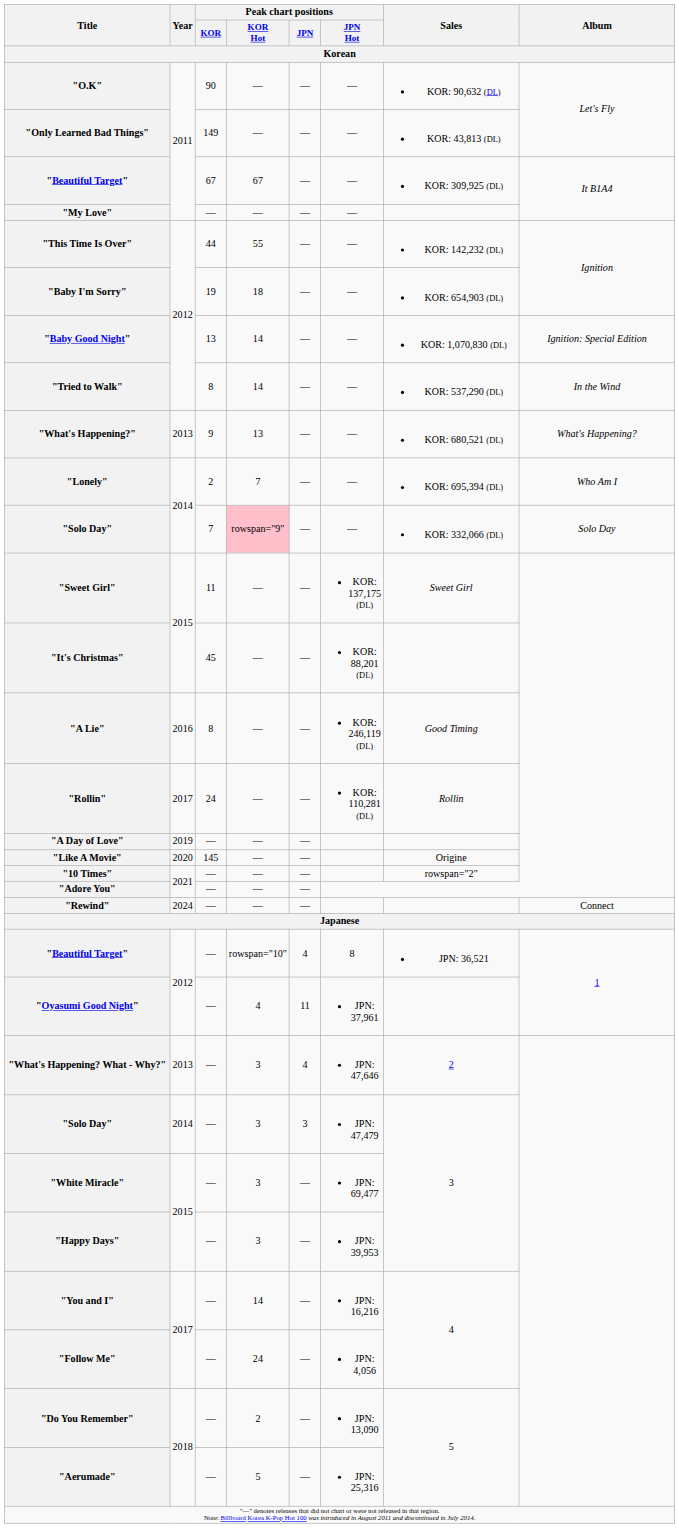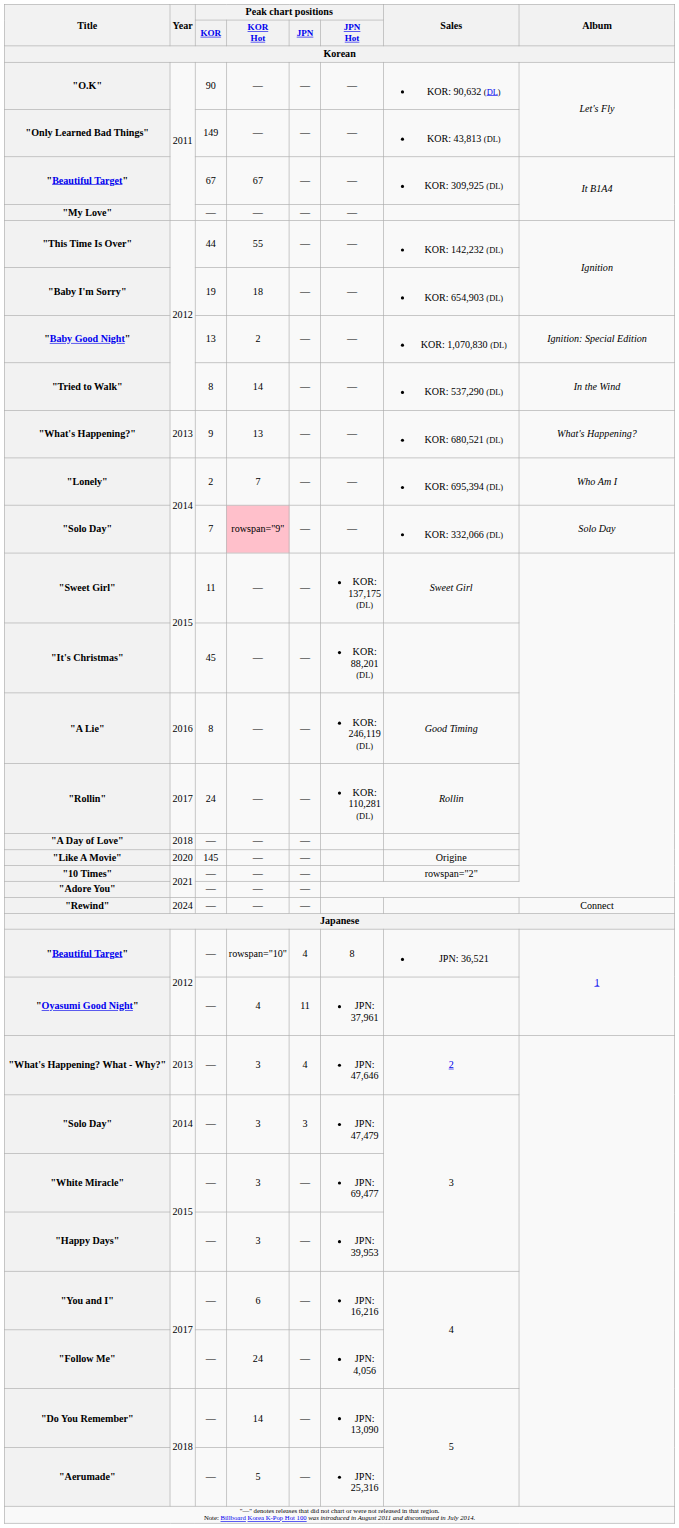 <table class="wikitable plainrowheaders" style="text-align:center;">
 <tr>
 <th scope="col" rowspan="2" style="width:16em;">Title</th>
 <th scope="col" rowspan="2">Year</th>
 <th scope="col" colspan="4">Peak chart positions</th>
 <th scope="col" rowspan="2" style="width:13em;">Sales<br></th>
 <th scope="col" rowspan="2" style="width:15em;">Album</th>
 </tr>
 <tr>
 <th scope="col" style="width:3em;font-size:90%"><a href='#'>KOR</a><br></th>
 <th scope="col" style="width:3em;font-size:90%"><a href='#'>KOR<br>Hot</a><br></th>
 <th scope="col" style="width:3em;font-size:90%"><a href='#'>JPN</a></th>
 <th scope="col" style="width:3em;font-size:90%"><a href='#'>JPN<br>Hot</a><br></th>
 </tr>
 <tr>
 <th colspan="8">Korean</th>
 </tr>
 <tr>
 <th scope="row">"O.K"</th>
 <td rowspan="4">2011</td>
 <td>90</td>
 <td>—</td>
 <td>—</td>
 <td>—</td>
 <td><br><ul><li>KOR: 90,632 <small>(<a href='#'>DL</a>)</small></li></ul></td>
 <td rowspan="2"><em>Let's Fly</em></td>
 </tr>
 <tr>
 <th scope="row">"Only Learned Bad Things" </th>
 <td>149</td>
 <td>—</td>
 <td>—</td>
 <td>—</td>
 <td><br><ul><li>KOR: 43,813 <small>(DL)</small></li></ul></td>
 </tr>
 <tr>
 <th scope="row">"<a href='#'>Beautiful Target</a>"</th>
 <td>67</td>
 <td>67</td>
 <td>—</td>
 <td>—</td>
 <td><br><ul><li>KOR: 309,925 <small>(DL)</small></li></ul></td>
 <td rowspan="2"><em>It B1A4</em></td>
 </tr>
 <tr>
 <th scope="row">"My Love"</th>
 <td>—</td>
 <td>—</td>
 <td>—</td>
 <td>—</td>
 <td></td>
 </tr>
 <tr>
 <th scope="row">"This Time Is Over"</th>
 <td rowspan="4">2012</td>
 <td>44</td>
 <td>55</td>
 <td>—</td>
 <td>—</td>
 <td><br><ul><li>KOR: 142,232 <small>(DL)</small></li></ul></td>
 <td rowspan="2"><em>Ignition</em></td>
 </tr>
 <tr>
 <th scope="row">"Baby I'm Sorry"</th>
 <td>19</td>
 <td>18</td>
 <td>—</td>
 <td>—</td>
 <td><br><ul><li>KOR: 654,903 <small>(DL)</small></li></ul></td>
 </tr>
 <tr>
 <th scope="row">"<a href='#'>Baby Good Night</a>" </th>
 <td>13</td>
-<td>14</td>
+<td>2</td>
 <td>—</td>
 <td>—</td>
 <td><br><ul><li>KOR: 1,070,830 <small>(DL)</small></li></ul></td>
 <td><em>Ignition: Special Edition</em></td>
 </tr>
 <tr>
 <th scope="row">"Tried to Walk" </th>
 <td>8</td>
 <td>14</td>
 <td>—</td>
 <td>—</td>
 <td><br><ul><li>KOR: 537,290 <small>(DL)</small></li></ul></td>
 <td><em>In the Wind</em></td>
 </tr>
 <tr>
 <th scope="row">"What's Happening?" </th>
 <td>2013</td>
 <td>9</td>
 <td>13</td>
 <td>—</td>
 <td>—</td>
 <td><br><ul><li>KOR: 680,521 <small>(DL)</small></li></ul></td>
 <td><em>What's Happening?</em></td>
 </tr>
 <tr>
 <th scope="row">"Lonely" </th>
 <td rowspan="2">2014</td>
 <td>2</td>
 <td>7</td>
 <td>—</td>
 <td>—</td>
 <td><br><ul><li>KOR: 695,394 <small>(DL)</small></li></ul></td>
 <td><em>Who Am I</em></td>
 </tr>
 <tr>
 <th scope="row">"Solo Day"</th>
 <td>7</td>
 <td style="background: pink;">rowspan="9" </td>
 <td>—</td>
 <td>—</td>
 <td><br><ul><li>KOR: 332,066 <small>(DL)</small></li></ul></td>
 <td><em>Solo Day</em></td>
 </tr>
 <tr>
 <th scope="row">"Sweet Girl"</th>
 <td rowspan="2">2015</td>
 <td>11</td>
 <td>—</td>
 <td>—</td>
 <td><br><ul><li>KOR: 137,175 <small>(DL)</small></li></ul></td>
 <td><em>Sweet Girl</em></td>
 </tr>
 <tr>
 <th scope="row">"It's Christmas"</th>
 <td>45</td>
 <td>—</td>
 <td>—</td>
 <td><br><ul><li>KOR: 88,201 <small>(DL)</small></li></ul></td>
 <td></td>
 </tr>
 <tr>
 <th scope="row">"A Lie" </th>
 <td>2016</td>
 <td>8</td>
 <td>—</td>
 <td>—</td>
 <td><br><ul><li>KOR: 246,119 <small>(DL)</small></li></ul></td>
 <td><em>Good Timing</em></td>
 </tr>
 <tr>
 <th scope="row">"Rollin"</th>
 <td>2017</td>
 <td>24</td>
 <td>—</td>
 <td>—</td>
 <td><br><ul><li>KOR: 110,281 <small>(DL)</small></li></ul></td>
 <td><em>Rollin<strong></td>
 </tr>
 <tr>
 <th scope="row">"A Day of Love" </th>
-<td>2019</td>
+<td>2018</td>
 <td>—</td>
 <td>—</td>
 <td>—</td>
 <td></td>
 <td></td>
 </tr>
 <tr>
 <th scope="row">"Like A Movie" </th>
 <td>2020</td>
 <td>145</td>
 <td>—</td>
 <td>—</td>
 <td></td>
 <td></em>Origine<em></td>
 </tr>
 <tr>
 <th scope="row">"10 Times"</th>
 <td rowspan="2">2021</td>
 <td>—</td>
 <td>—</td>
 <td>—</td>
 <td></td>
 <td>rowspan="2" </td>
 </tr>
 <tr>
 <th scope="row">"Adore You" </th>
 <td>—</td>
 <td>—</td>
 <td>—</td>
 </tr>
 <tr>
 <th scope="row">"Rewind"</th>
 <td>2024</td>
 <td>—</td>
 <td>—</td>
 <td>—</td>
 <td></td>
 <td></td>
 <td></em>Connect<em></td>
 </tr>
 <tr>
 <th colspan="8">Japanese</th>
 </tr>
 <tr>
 <th scope="row">"<a href='#'>Beautiful Target</a>"</th>
 <td rowspan="2">2012</td>
 <td>—</td>
 <td>rowspan="10" </td>
 <td>4</td>
 <td>8</td>
 <td><br><ul><li>JPN: 36,521</li></ul></td>
 <td rowspan="2"></em><a href='#'>1</a><em></td>
 </tr>
 <tr>
 <th scope="row">"<a href='#'>Oyasumi Good Night</a>"</th>
 <td>—</td>
 <td>4</td>
 <td>11</td>
 <td><br><ul><li>JPN: 37,961</li></ul></td>
 </tr>
 <tr>
 <th scope="row">"What's Happening? What - Why?"</th>
 <td rowspan="1">2013</td>
 <td>—</td>
 <td>3</td>
 <td>4</td>
 <td><br><ul><li>JPN: 47,646</li></ul></td>
 <td></em><a href='#'>2</a><em></td>
 </tr>
 <tr>
 <th scope="row">"Solo Day"</th>
 <td rowspan="1">2014</td>
 <td>—</td>
 <td>3</td>
 <td>3</td>
 <td><br><ul><li>JPN: 47,479</li></ul></td>
 <td rowspan="3"></em>3<em></td>
 </tr>
 <tr>
 <th scope="row">"White Miracle"</th>
 <td rowspan="2">2015</td>
 <td>—</td>
 <td>3</td>
 <td>—</td>
 <td><br><ul><li>JPN: 69,477</li></ul></td>
 </tr>
 <tr>
 <th scope="row">"Happy Days"</th>
 <td>—</td>
 <td>3</td>
 <td>—</td>
 <td><br><ul><li>JPN: 39,953</li></ul></td>
 </tr>
 <tr>
 <th scope="row">"You and I"</th>
 <td rowspan="2">2017</td>
 <td>—</td>
-<td>14</td>
+<td>6</td>
 <td>—</td>
 <td><br><ul><li>JPN: 16,216</li></ul></td>
 <td rowspan="2"></em>4<em></td>
 </tr>
 <tr>
 <th scope="row">"Follow Me"</th>
 <td>—</td>
 <td>24</td>
 <td>—</td>
 <td><br><ul><li>JPN: 4,056</li></ul></td>
 </tr>
 <tr>
 <th scope="row">"Do You Remember"</th>
 <td rowspan="2">2018</td>
 <td>—</td>
-<td>2</td>
+<td>14</td>
 <td>—</td>
 <td><br><ul><li>JPN: 13,090</li></ul></td>
 <td rowspan=2></em>5<em></td>
 </tr>
 <tr>
 <th scope="row">"Aerumade"</th>
 <td>—</td>
 <td>5</td>
 <td>—</td>
 <td><br><ul><li>JPN: 25,316</li></ul></td>
 </tr>
 <tr>
 <td colspan="9" style="text-align:center; font-size:8pt;">"—" denotes releases that did not chart or were not released in that region.<br>Note: </em><a href='#'>Billboard</a> <a href='#'>Korea K-Pop Hot 100</a><em> was introduced in August 2011 and discontinued in July 2014.</td>
 </tr>
 </table>
